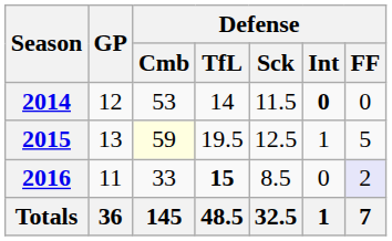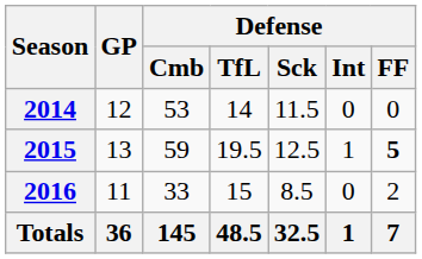 <table class="wikitable" style="text-align:center;">
 <tr>
 <th rowspan="2">Season</th>
 <th rowspan="2">GP</th>
 <th colspan="5">Defense</th>
 </tr>
 <tr>
 <th>Cmb</th>
 <th>TfL</th>
 <th>Sck</th>
 <th>Int</th>
 <th>FF</th>
 </tr>
 <tr>
 <th><a href='#'>2014</a></th>
 <td>12</td>
 <td>53</td>
 <td>14</td>
 <td>11.5</td>
-<td><strong>0</strong></td>
+<td>0</td>
 <td>0</td>
 </tr>
 <tr>
 <th><a href='#'>2015</a></th>
 <td>13</td>
-<td style="background: lightyellow;">59</td>
+<td>59</td>
 <td>19.5</td>
 <td>12.5</td>
 <td>1</td>
-<td>5</td>
+<td><strong>5</strong></td>
 </tr>
 <tr>
 <th><a href='#'>2016</a></th>
 <td>11</td>
 <td>33</td>
-<td><strong>15</strong></td>
+<td>15</td>
 <td>8.5</td>
 <td>0</td>
-<td style="background: lavender;">2</td>
+<td>2</td>
 </tr>
 <tr>
 <th>Totals</th>
 <th>36</th>
 <th>145</th>
 <th>48.5</th>
 <th>32.5</th>
 <th>1</th>
 <th>7</th>
 </tr>
 </table>
